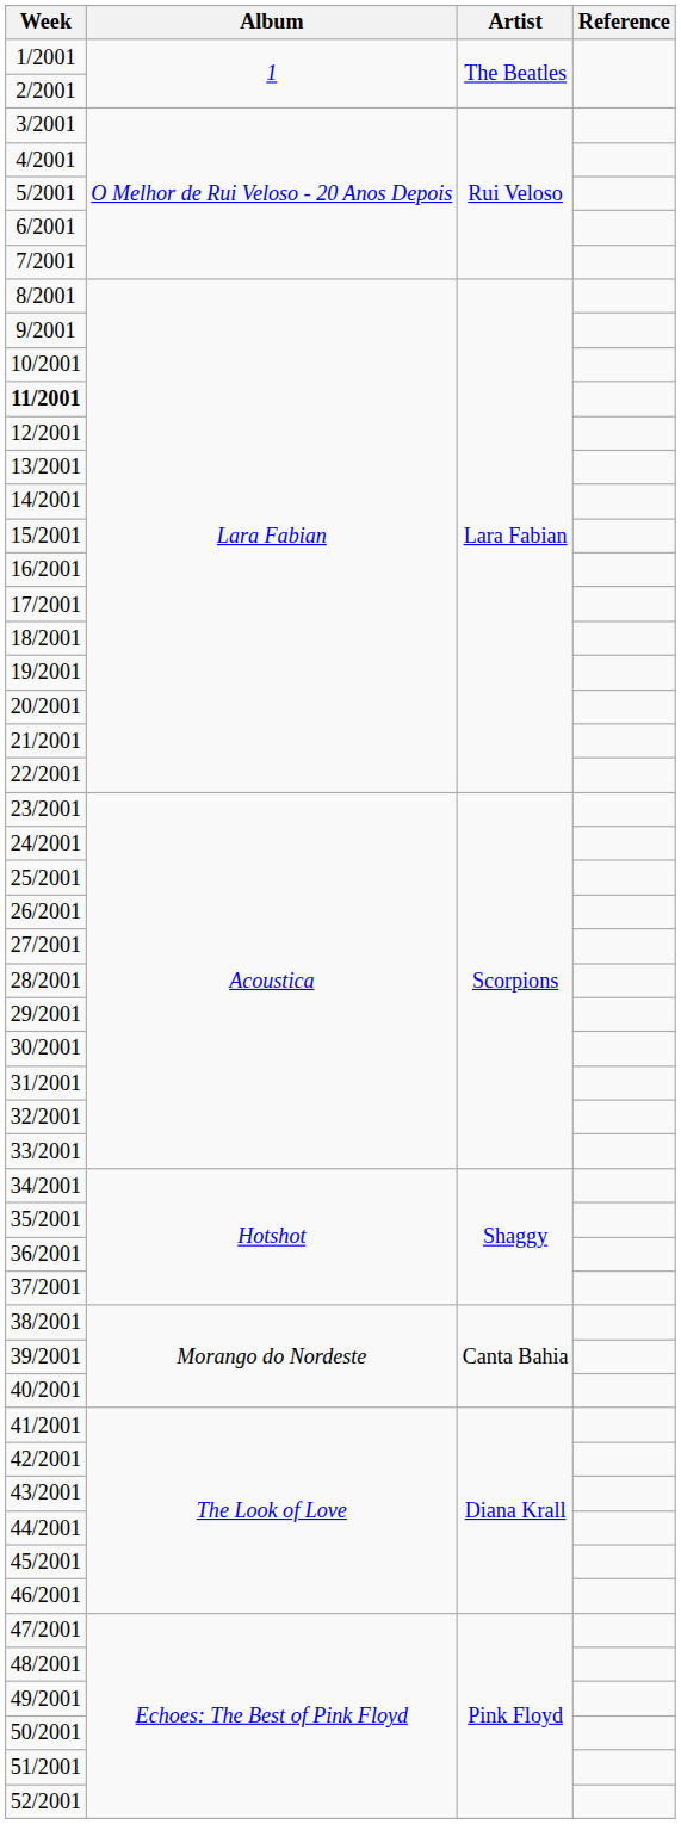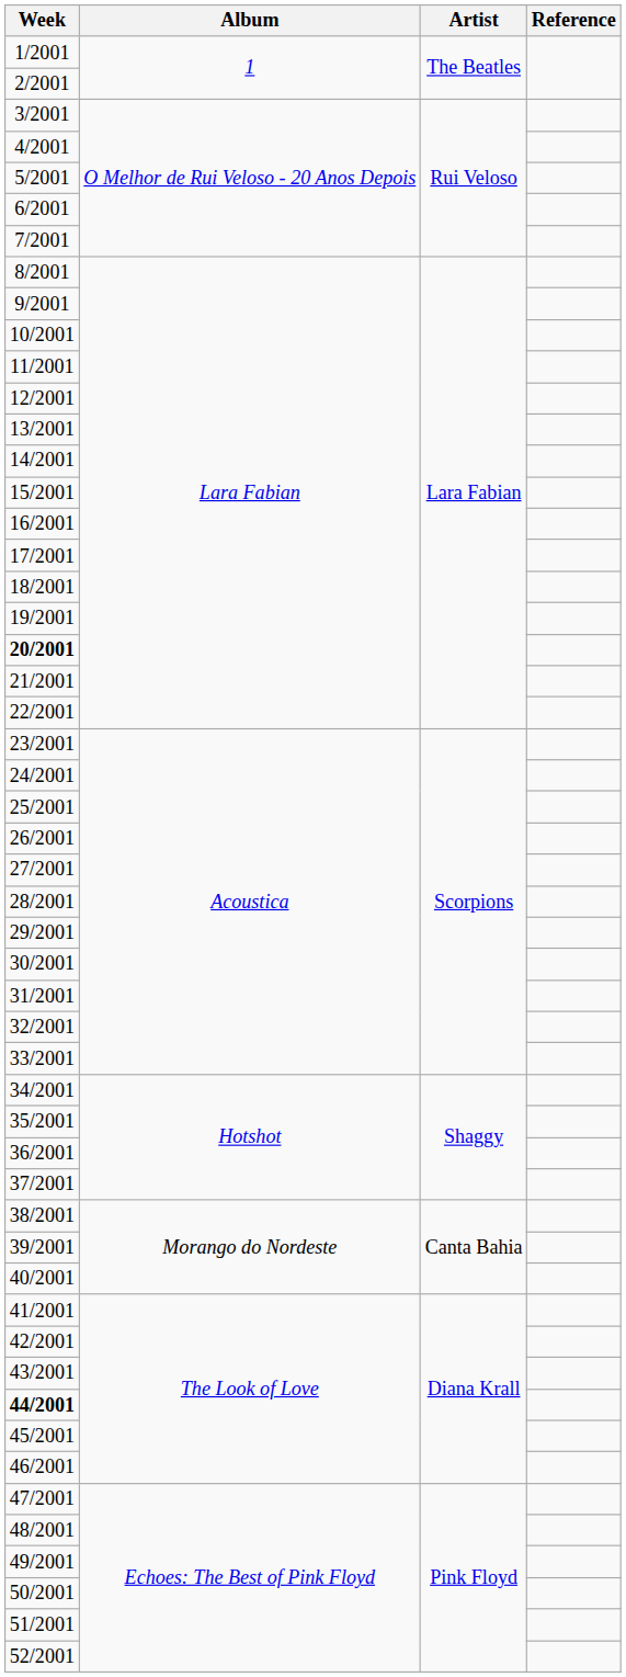 <table class="wikitable" style="text-align:center">
 <tr>
 <th>Week</th>
 <th>Album</th>
 <th>Artist</th>
 <th>Reference</th>
 </tr>
 <tr>
 <td>1/2001</td>
 <td rowspan="2"><em><a href='#'>1</a></em></td>
 <td rowspan="2"><a href='#'>The Beatles</a></td>
 <td rowspan="2"></td>
 </tr>
 <tr>
 <td>2/2001</td>
 </tr>
 <tr>
 <td>3/2001</td>
 <td rowspan="5"><a href='#'><em>O Melhor de Rui Veloso - 20 Anos Depois</em></a></td>
 <td rowspan="5"><a href='#'>Rui Veloso</a></td>
 <td></td>
 </tr>
 <tr>
 <td>4/2001</td>
 <td></td>
 </tr>
 <tr>
 <td>5/2001</td>
 <td></td>
 </tr>
 <tr>
 <td>6/2001</td>
 <td></td>
 </tr>
 <tr>
 <td>7/2001</td>
 <td></td>
 </tr>
 <tr>
 <td>8/2001</td>
 <td rowspan="15"><a href='#'><em>Lara Fabian</em></a></td>
 <td rowspan="15"><a href='#'>Lara Fabian</a></td>
 <td></td>
 </tr>
 <tr>
 <td>9/2001</td>
 <td></td>
 </tr>
 <tr>
 <td>10/2001</td>
 <td></td>
 </tr>
 <tr>
-<td><strong>11/2001</strong></td>
+<td>11/2001</td>
 <td></td>
 </tr>
 <tr>
 <td>12/2001</td>
 <td></td>
 </tr>
 <tr>
 <td>13/2001</td>
 <td></td>
 </tr>
 <tr>
 <td>14/2001</td>
 <td></td>
 </tr>
 <tr>
 <td>15/2001</td>
 <td></td>
 </tr>
 <tr>
 <td>16/2001</td>
 <td></td>
 </tr>
 <tr>
 <td>17/2001</td>
 <td></td>
 </tr>
 <tr>
 <td>18/2001</td>
 <td></td>
 </tr>
 <tr>
 <td>19/2001</td>
 <td></td>
 </tr>
 <tr>
-<td>20/2001</td>
+<td><strong>20/2001</strong></td>
 <td></td>
 </tr>
 <tr>
 <td>21/2001</td>
 <td></td>
 </tr>
 <tr>
 <td>22/2001</td>
 <td></td>
 </tr>
 <tr>
 <td>23/2001</td>
 <td rowspan="11"><em><a href='#'>Acoustica</a></em></td>
 <td rowspan="11"><a href='#'>Scorpions</a></td>
 <td></td>
 </tr>
 <tr>
 <td>24/2001</td>
 <td></td>
 </tr>
 <tr>
 <td>25/2001</td>
 <td></td>
 </tr>
 <tr>
 <td>26/2001</td>
 <td></td>
 </tr>
 <tr>
 <td>27/2001</td>
 <td></td>
 </tr>
 <tr>
 <td>28/2001</td>
 <td></td>
 </tr>
 <tr>
 <td>29/2001</td>
 <td></td>
 </tr>
 <tr>
 <td>30/2001</td>
 <td></td>
 </tr>
 <tr>
 <td>31/2001</td>
 <td></td>
 </tr>
 <tr>
 <td>32/2001</td>
 <td></td>
 </tr>
 <tr>
 <td>33/2001</td>
 <td></td>
 </tr>
 <tr>
 <td>34/2001</td>
 <td rowspan="4"><em><a href='#'>Hotshot</a></em></td>
 <td rowspan="4"><a href='#'>Shaggy</a></td>
 <td></td>
 </tr>
 <tr>
 <td>35/2001</td>
 <td></td>
 </tr>
 <tr>
 <td>36/2001</td>
 <td></td>
 </tr>
 <tr>
 <td>37/2001</td>
 <td></td>
 </tr>
 <tr>
 <td>38/2001</td>
 <td rowspan="3"><em>Morango do Nordeste</em></td>
 <td rowspan="3">Canta Bahia</td>
 <td></td>
 </tr>
 <tr>
 <td>39/2001</td>
 <td></td>
 </tr>
 <tr>
 <td>40/2001</td>
 <td></td>
 </tr>
 <tr>
 <td>41/2001</td>
 <td rowspan="6"><em><a href='#'>The Look of Love</a></em></td>
 <td rowspan="6"><a href='#'>Diana Krall</a></td>
 <td></td>
 </tr>
 <tr>
 <td>42/2001</td>
 <td></td>
 </tr>
 <tr>
 <td>43/2001</td>
 <td></td>
 </tr>
 <tr>
-<td>44/2001</td>
+<td><strong>44/2001</strong></td>
 <td></td>
 </tr>
 <tr>
 <td>45/2001</td>
 <td></td>
 </tr>
 <tr>
 <td>46/2001</td>
 <td></td>
 </tr>
 <tr>
 <td>47/2001</td>
 <td rowspan="6"><em><a href='#'>Echoes: The Best of Pink Floyd</a></em></td>
 <td rowspan="6"><a href='#'>Pink Floyd</a></td>
 <td></td>
 </tr>
 <tr>
 <td>48/2001</td>
 <td></td>
 </tr>
 <tr>
 <td>49/2001</td>
 <td></td>
 </tr>
 <tr>
 <td>50/2001</td>
 <td></td>
 </tr>
 <tr>
 <td>51/2001</td>
 <td></td>
 </tr>
 <tr>
 <td>52/2001</td>
 <td></td>
 </tr>
 </table>
